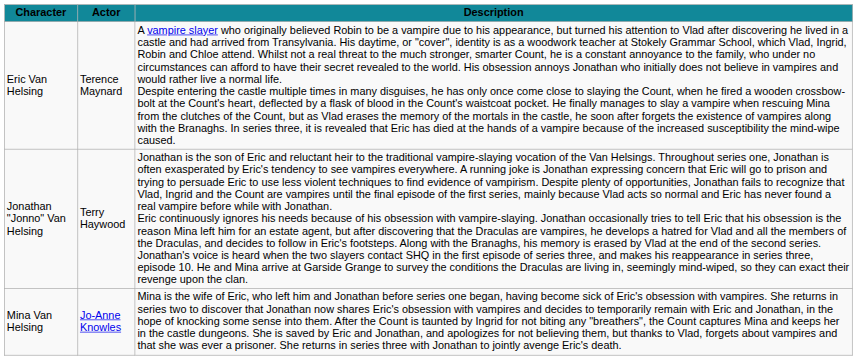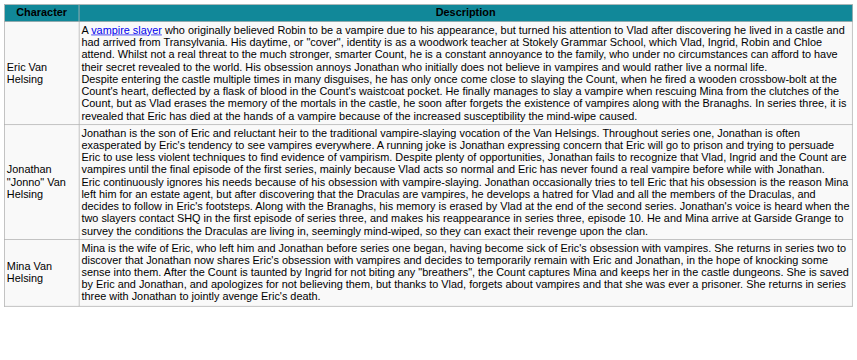 <table class="wikitable">
 <tr>
 <th style="background:#118899;">Character</th>
-<th style="background:#118899;">Actor</th>
 <th style="background:#118899;">Description</th>
 </tr>
 <tr>
 <td>Eric Van Helsing</td>
-<td>Terence Maynard</td>
 <td>A <a href='#'>vampire slayer</a> who originally believed Robin to be a vampire due to his appearance, but turned his attention to Vlad after discovering he lived in a castle and had arrived from Transylvania. His daytime, or "cover", identity is as a woodwork teacher at Stokely Grammar School, which Vlad, Ingrid, Robin and Chloe attend. Whilst not a real threat to the much stronger, smarter Count, he is a constant annoyance to the family, who under no circumstances can afford to have their secret revealed to the world. His obsession annoys Jonathan who initially does not believe in vampires and would rather live a normal life.<br>Despite entering the castle multiple times in many disguises, he has only once come close to slaying the Count, when he fired a wooden crossbow-bolt at the Count's heart, deflected by a flask of blood in the Count's waistcoat pocket. He finally manages to slay a vampire when rescuing Mina from the clutches of the Count, but as Vlad erases the memory of the mortals in the castle, he soon after forgets the existence of vampires along with the Branaghs. In series three, it is revealed that Eric has died at the hands of a vampire because of the increased susceptibility the mind-wipe caused.</td>
 </tr>
 <tr>
 <td>Jonathan "Jonno" Van Helsing</td>
-<td>Terry Haywood</td>
 <td>Jonathan is the son of Eric and reluctant heir to the traditional vampire-slaying vocation of the Van Helsings. Throughout series one, Jonathan is often exasperated by Eric's tendency to see vampires everywhere. A running joke is Jonathan expressing concern that Eric will go to prison and trying to persuade Eric to use less violent techniques to find evidence of vampirism. Despite plenty of opportunities, Jonathan fails to recognize that Vlad, Ingrid and the Count are vampires until the final episode of the first series, mainly because Vlad acts so normal and Eric has never found a real vampire before while with Jonathan.<br>Eric continuously ignores his needs because of his obsession with vampire-slaying. Jonathan occasionally tries to tell Eric that his obsession is the reason Mina left him for an estate agent, but after discovering that the Draculas are vampires, he develops a hatred for Vlad and all the members of the Draculas, and decides to follow in Eric's footsteps. Along with the Branaghs, his memory is erased by Vlad at the end of the second series. Jonathan's voice is heard when the two slayers contact SHQ in the first episode of series three, and makes his reappearance in series three, episode 10. He and Mina arrive at Garside Grange to survey the conditions the Draculas are living in, seemingly mind-wiped, so they can exact their revenge upon the clan.</td>
 </tr>
 <tr>
 <td>Mina Van Helsing</td>
-<td><a href='#'>Jo-Anne Knowles</a></td>
 <td>Mina is the wife of Eric, who left him and Jonathan before series one began, having become sick of Eric's obsession with vampires. She returns in series two to discover that Jonathan now shares Eric's obsession with vampires and decides to temporarily remain with Eric and Jonathan, in the hope of knocking some sense into them. After the Count is taunted by Ingrid for not biting any "breathers", the Count captures Mina and keeps her in the castle dungeons. She is saved by Eric and Jonathan, and apologizes for not believing them, but thanks to Vlad, forgets about vampires and that she was ever a prisoner. She returns in series three with Jonathan to jointly avenge Eric's death.</td>
 </tr>
 </table>
